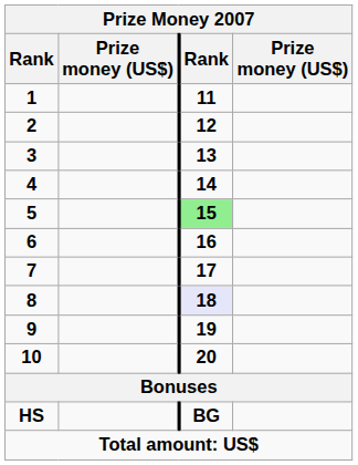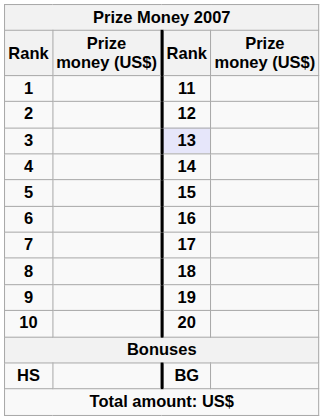 <table class="wikitable mw-collapsible mw-collapsed" style="text-align:center">
 <tr>
 <th colspan="4">Prize Money 2007</th>
 </tr>
 <tr>
 <th>Rank</th>
 <th style="border-right:medium solid">Prize<br>money (US$)</th>
 <th>Rank</th>
 <th>Prize<br>money (US$)</th>
 </tr>
 <tr>
 <td><strong>1</strong></td>
 <td style="text-align:right; border-right:medium solid"></td>
 <td><strong>11</strong></td>
 <td style="text-align:right"></td>
 </tr>
 <tr>
 <td><strong>2</strong></td>
 <td style="text-align:right; border-right:medium solid"></td>
 <td><strong>12</strong></td>
 <td style="text-align:right"></td>
 </tr>
 <tr>
 <td><strong>3</strong></td>
 <td style="text-align:right; border-right:medium solid"></td>
-<td><strong>13</strong></td>
+<td style="background: lavender;"><strong>13</strong></td>
 <td style="text-align:right"></td>
 </tr>
 <tr>
 <td><strong>4</strong></td>
 <td style="text-align:right; border-right:medium solid"></td>
 <td><strong>14</strong></td>
 <td style="text-align:right"></td>
 </tr>
 <tr>
 <td><strong>5</strong></td>
 <td style="text-align:right; border-right:medium solid"></td>
-<td style="background: lightgreen;"><strong>15</strong></td>
+<td><strong>15</strong></td>
 <td style="text-align:right"></td>
 </tr>
 <tr>
 <td><strong>6</strong></td>
 <td style="text-align:right; border-right:medium solid"></td>
 <td><strong>16</strong></td>
 <td style="text-align:right"></td>
 </tr>
 <tr>
 <td><strong>7</strong></td>
 <td style="text-align:right; border-right:medium solid"></td>
 <td><strong>17</strong></td>
 <td style="text-align:right"></td>
 </tr>
 <tr>
 <td><strong>8</strong></td>
 <td style="text-align:right; border-right:medium solid"></td>
-<td style="background: lavender;"><strong>18</strong></td>
+<td><strong>18</strong></td>
 <td style="text-align:right"></td>
 </tr>
 <tr>
 <td><strong>9</strong></td>
 <td style="text-align:right; border-right:medium solid"></td>
 <td><strong>19</strong></td>
 <td style="text-align:right"></td>
 </tr>
 <tr>
 <td><strong>10</strong></td>
 <td style="text-align:right; border-right:medium solid"></td>
 <td><strong>20</strong></td>
 <td style="text-align:right"></td>
 </tr>
 <tr>
 <th colspan="4">Bonuses</th>
 </tr>
 <tr>
 <td><strong>HS</strong></td>
 <td style="text-align:right; border-right:medium solid"></td>
 <td><strong>BG</strong></td>
 <td style="text-align:right"></td>
 </tr>
 <tr>
 <td colspan="4"><strong>Total amount:  US$</strong></td>
 </tr>
 </table>
